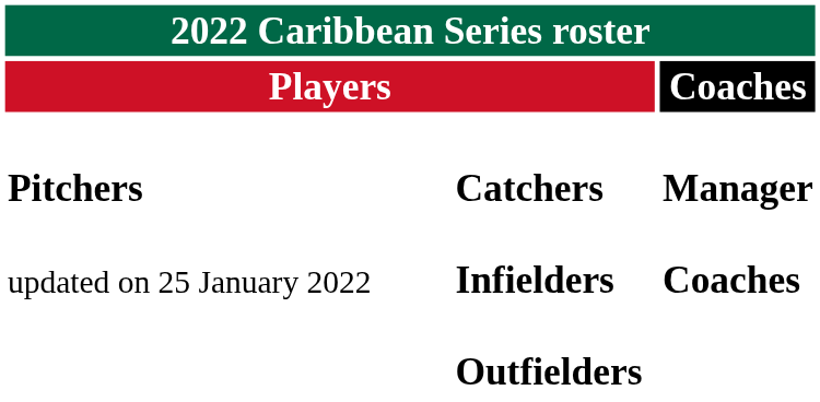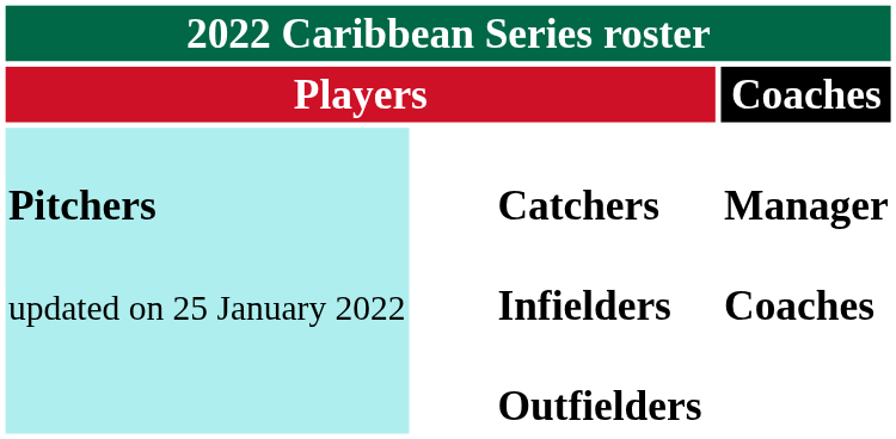 <table class="toccolours" style="font-size: 95%;">
 <tr>
 <th colspan="10" style="background-color: #006847; color:#FFFFFF; text-align: center;"><strong>2022 Caribbean Series roster</strong></th>
 </tr>
 <tr>
 <td colspan="4" style="background-color: #CE1126; color: #FFFFFF; text-align: center;"><strong>Players</strong></td>
 <td colspan="2" style="background-color: #000000; color: #FFFFFF; text-align: center;"><strong>Coaches</strong></td>
 </tr>
 <tr>
-<td style="vertical-align:top;text-align:left;"><br><strong>Pitchers</strong><br>              <br><small><span></span> updated on 25 January 2022</small></td>
+<td style="background: paleturquoise; vertical-align:top;text-align:left;"><br><strong>Pitchers</strong><br>              <br><small><span></span> updated on 25 January 2022</small></td>
 <td width="25px"></td>
 <td style="vertical-align:top;text-align:left;"><br><strong>Catchers</strong><br>  <br><strong>Infielders</strong><br>        <br><strong>Outfielders</strong><br>    </td>
 <td style="vertical-align:top;text-align:left;"></td>
 <td style="vertical-align:top;text-align:left;"><br><strong>Manager</strong><br><br><strong>Coaches</strong></td>
 </tr>
 </table>
